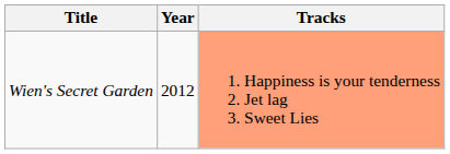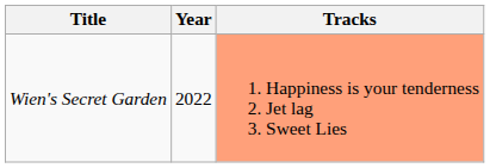 <table class="wikitable">
 <tr>
 <th>Title</th>
 <th>Year</th>
 <th>Tracks</th>
 </tr>
 <tr>
 <td><em>Wien's Secret Garden</em></td>
-<td>2012</td>
+<td>2022</td>
 <td style="background: lightsalmon;"><br><ol><li>Happiness is your tenderness</li><li>Jet lag</li><li>Sweet Lies</li></ol></td>
 </tr>
 </table>
